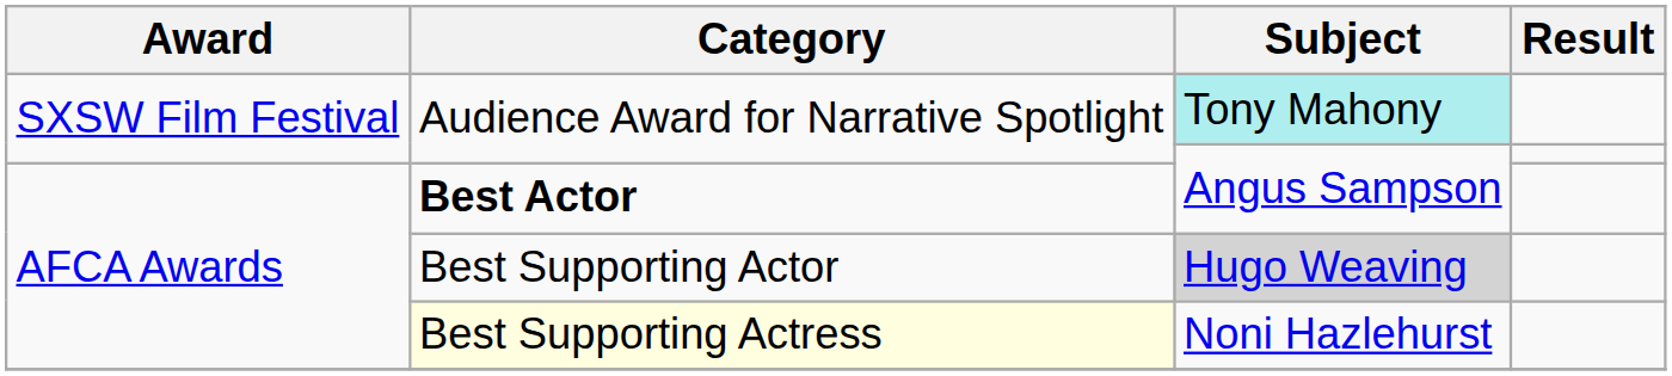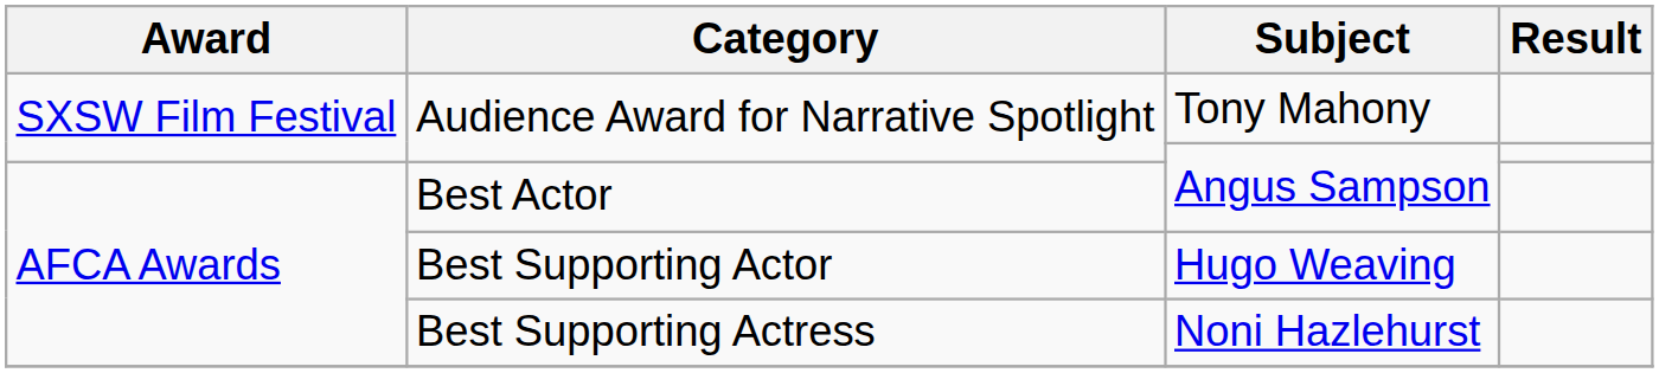 <table class="wikitable">
 <tr>
 <th>Award</th>
 <th>Category</th>
 <th>Subject</th>
 <th>Result</th>
 </tr>
 <tr>
 <td rowspan=2><a href='#'>SXSW Film Festival</a></td>
 <td rowspan=2>Audience Award for Narrative Spotlight</td>
-<td style="background: paleturquoise;">Tony Mahony</td>
+<td>Tony Mahony</td>
 <td></td>
 </tr>
 <tr>
 <td rowspan=2><a href='#'>Angus Sampson</a></td>
 <td></td>
 </tr>
 <tr>
 <td rowspan=3><a href='#'>AFCA Awards</a></td>
-<td><strong>Best Actor</strong></td>
+<td>Best Actor</td>
 <td></td>
 </tr>
 <tr>
 <td>Best Supporting Actor</td>
-<td style="background: lightgrey;"><a href='#'>Hugo Weaving</a></td>
+<td><a href='#'>Hugo Weaving</a></td>
 <td></td>
 </tr>
 <tr>
-<td style="background: lightyellow;">Best Supporting Actress</td>
+<td>Best Supporting Actress</td>
 <td><a href='#'>Noni Hazlehurst</a></td>
 <td></td>
 </tr>
 <tr>
 </tr>
 </table>
